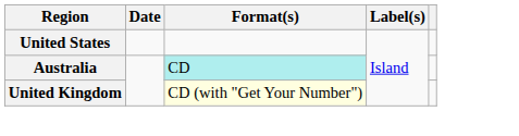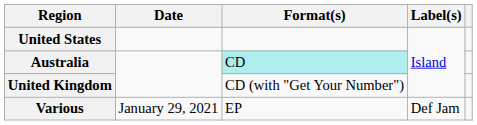 <table class="wikitable plainrowheaders">
 <tr>
 <th scope="col">Region</th>
 <th scope="col">Date</th>
 <th scope="col">Format(s)</th>
 <th scope="col">Label(s)</th>
 <th scope="col"></th>
 </tr>
 <tr>
 <th scope="row">United States</th>
 <td></td>
 <td></td>
 <td rowspan="3"><a href='#'>Island</a></td>
 <td></td>
 </tr>
 <tr>
 <th scope="row">Australia</th>
 <td rowspan="2"></td>
 <td style="background: paleturquoise;">CD</td>
 <td></td>
 </tr>
 <tr>
 <th scope="row">United Kingdom</th>
-<td style="background: lightyellow;">CD (with "Get Your Number")</td>
+<td>CD (with "Get Your Number")</td>
+<td></td>
+</tr>
+<tr>
+<th scope="row">Various</th>
+<td>January 29, 2021</td>
+<td>EP</td>
+<td>Def Jam</td>
 <td></td>
 </tr>
 </table>
